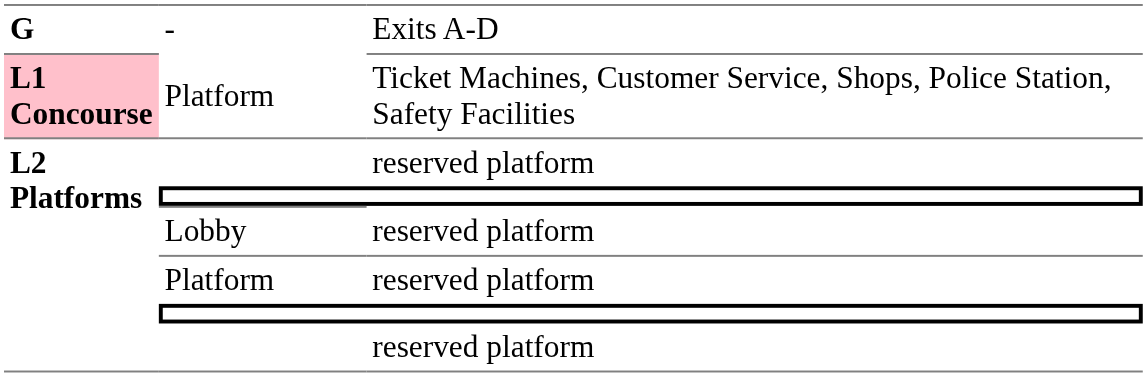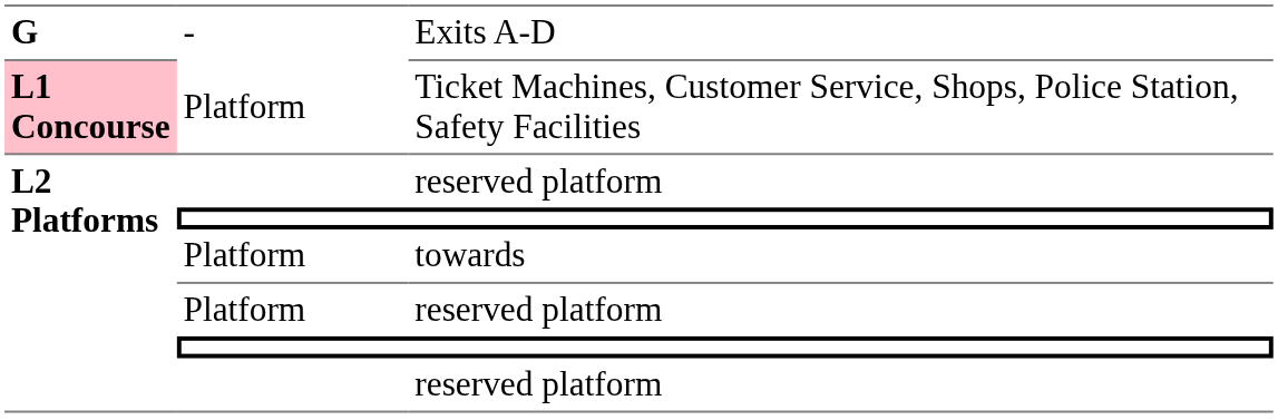 <table border=0 cellspacing=0 cellpadding=3>
 <tr>
 <td style="border-top:solid 1px gray;" width=50 valign=top><strong>G</strong></td>
 <td style="border-top:solid 1px gray;" width=100 valign=top>-</td>
 <td style="border-top:solid 1px gray;" width=390 valign=top>Exits A-D</td>
 </tr>
 <tr>
 <td style="background: pink; border-bottom:solid 1px gray; border-top:solid 1px gray;" valign=top><strong>L1<br>Concourse</strong></td>
 <td style="border-bottom:solid 1px gray;">Platform </td>
 <td style="border-bottom:solid 1px gray; border-top:solid 1px gray;" valign=top>Ticket Machines, Customer Service, Shops, Police Station, Safety Facilities</td>
 </tr>
 <tr>
 <td style="border-bottom:solid 1px gray;" rowspan=6 valign=top><strong>L2<br>Platforms</strong></td>
 <td></td>
 <td> reserved platform</td>
 </tr>
 <tr>
 <td style="border-right:solid 2px black;border-left:solid 2px black;border-top:solid 2px black;border-bottom:solid 2px black;text-align:center;" colspan=2></td>
 </tr>
 <tr>
-<td style="border-bottom:solid 1px gray; border-top:solid 1px gray;" valign=top>Lobby</td>
-<td style="border-bottom:solid 1px gray;"> reserved platform</td>
+<td style="border-bottom:solid 1px gray;">Platform </td>
+<td style="border-bottom:solid 1px gray;"> towards   </td>
 </tr>
 <tr>
 <td>Platform </td>
 <td> reserved platform</td>
 </tr>
 <tr>
 <td style="border-right:solid 2px black;border-left:solid 2px black;border-top:solid 2px black;border-bottom:solid 2px black;text-align:center;" colspan=2></td>
 </tr>
 <tr>
 <td style="border-bottom:solid 1px gray;"></td>
 <td style="border-bottom:solid 1px gray;"> reserved platform</td>
 </tr>
 </table>
